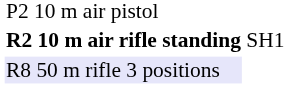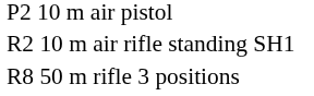 <table>
 <tr>
 <td>P2 10 m air pistol<br></td>
 <td rowspan=3>SH1</td>
 <td></td>
 <td></td>
 <td nowrap></td>
 </tr>
 <tr>
-<td nowrap><strong>R2 10 m air rifle standing<br></strong></td>
+<td nowrap>R2 10 m air rifle standing<br></td>
 <td nowrap></td>
 <td></td>
 <td></td>
 </tr>
 <tr>
-<td style="background: lavender;">R8 50 m rifle 3 positions</td>
+<td>R8 50 m rifle 3 positions</td>
 <td></td>
 <td nowrap></td>
 <td></td>
 </tr>
 </table>
